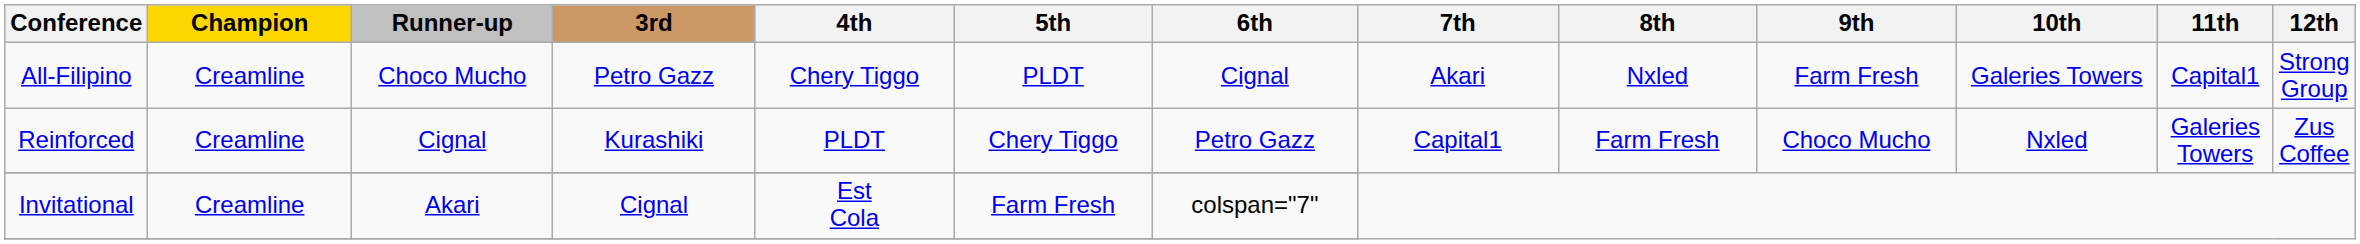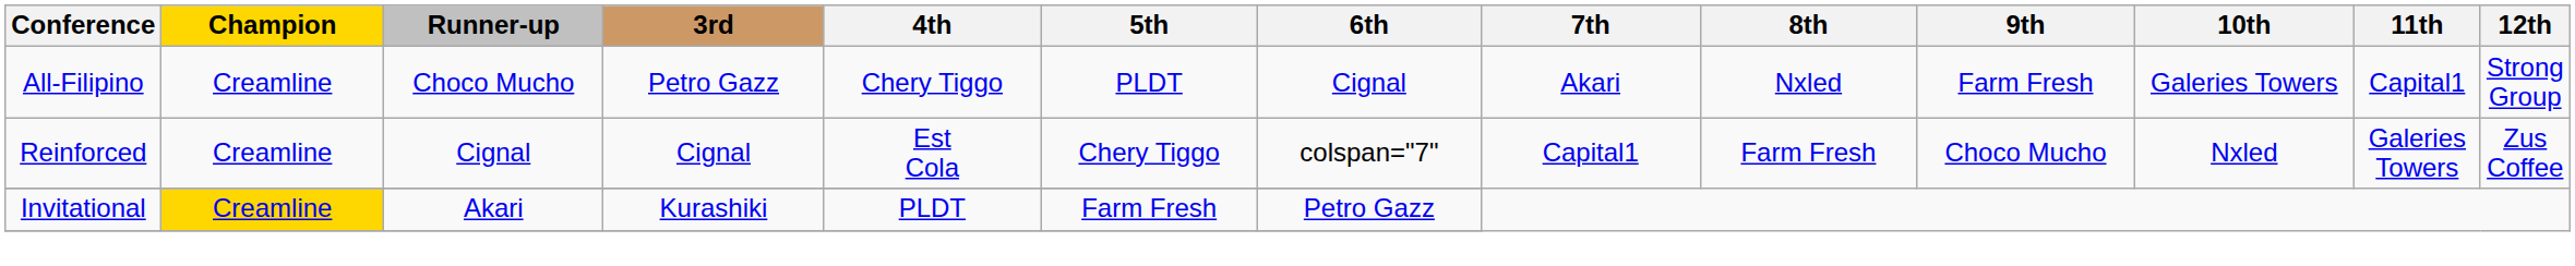 <table class="wikitable" style="text-align:center;">
 <tr>
 <th width=5%>Conference</th>
 <th width=9% style="background:gold;">Champion</th>
 <th width=9% style="background:silver;">Runner-up</th>
 <th width=9% style="background:#CC9966;">3rd</th>
 <th width=9%>4th</th>
 <th width=9%>5th</th>
 <th width=9%>6th</th>
 <th width=9%>7th</th>
 <th width=9%>8th</th>
 <th width=9%>9th</th>
 <th width=9%>10th</th>
 <th width=9%>11th</th>
 <th width=9%>12th</th>
 </tr>
 <tr>
 <td><a href='#'>All-Filipino</a></td>
 <td><a href='#'>Creamline</a></td>
 <td><a href='#'>Choco Mucho</a></td>
 <td><a href='#'>Petro Gazz</a></td>
 <td><a href='#'>Chery Tiggo</a></td>
 <td><a href='#'>PLDT</a></td>
 <td><a href='#'>Cignal</a></td>
 <td><a href='#'>Akari</a></td>
 <td><a href='#'>Nxled</a></td>
 <td><a href='#'>Farm Fresh</a></td>
 <td><a href='#'>Galeries Towers</a></td>
 <td><a href='#'>Capital1</a></td>
 <td><a href='#'>Strong Group</a></td>
 </tr>
 <tr>
 <td><a href='#'>Reinforced</a></td>
 <td><a href='#'>Creamline</a></td>
 <td><a href='#'>Cignal</a></td>
-<td><a href='#'>Kurashiki</a></td>
-<td><a href='#'>PLDT</a></td>
+<td><a href='#'>Cignal</a></td>
+<td><a href='#'>Est<br>Cola</a></td>
 <td><a href='#'>Chery Tiggo</a></td>
-<td><a href='#'>Petro Gazz</a></td>
+<td>colspan="7" </td>
 <td><a href='#'>Capital1</a></td>
 <td><a href='#'>Farm Fresh</a></td>
 <td><a href='#'>Choco Mucho</a></td>
 <td><a href='#'>Nxled</a></td>
 <td><a href='#'>Galeries Towers</a></td>
 <td><a href='#'>Zus Coffee</a></td>
 </tr>
 <tr>
 </tr>
 <tr>
 <td><a href='#'>Invitational</a></td>
-<td><a href='#'>Creamline</a></td>
+<td style="background: gold;"><a href='#'>Creamline</a></td>
 <td><a href='#'>Akari</a></td>
-<td><a href='#'>Cignal</a></td>
-<td><a href='#'>Est<br>Cola</a></td>
+<td><a href='#'>Kurashiki</a></td>
+<td><a href='#'>PLDT</a></td>
 <td><a href='#'>Farm Fresh</a></td>
-<td>colspan="7" </td>
+<td><a href='#'>Petro Gazz</a></td>
 </tr>
 <tr>
 </tr>
 </table>
